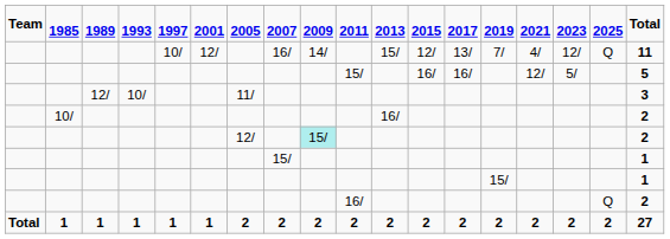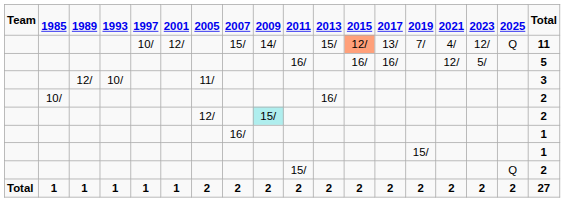 <table class="wikitable" style="text-align:center; font-size:90%">
 <tr bgcolor=>
 <td><strong>Team</strong></td>
 <td><strong><br><a href='#'>1985</a></strong></td>
 <td><strong><br><a href='#'>1989</a></strong></td>
 <td><strong><br><a href='#'>1993</a></strong></td>
 <td><strong><br><a href='#'>1997</a></strong></td>
 <td><strong><br><a href='#'>2001</a></strong></td>
 <td><strong><br><a href='#'>2005</a></strong></td>
 <td><strong><br><a href='#'>2007</a></strong></td>
 <td><strong><br><a href='#'>2009</a></strong></td>
 <td><strong><br><a href='#'>2011</a></strong></td>
 <td><strong><br><a href='#'>2013</a></strong></td>
 <td><strong><br><a href='#'>2015</a></strong></td>
 <td><strong><br><a href='#'>2017</a></strong></td>
 <td><strong><br><a href='#'>2019</a></strong></td>
 <td><strong><br><a href='#'>2021</a></strong></td>
 <td><strong><br><a href='#'>2023</a></strong></td>
 <td><strong><br><a href='#'>2025</a></strong></td>
 <td><strong>Total</strong></td>
 </tr>
 <tr>
 <td align=left></td>
 <td></td>
 <td></td>
 <td></td>
 <td>10/</td>
 <td>12/</td>
 <td></td>
-<td>16/</td>
+<td>15/</td>
 <td>14/</td>
 <td></td>
 <td>15/</td>
-<td>12/</td>
+<td style="background: lightsalmon;">12/</td>
 <td>13/</td>
 <td>7/</td>
 <td>4/</td>
 <td>12/</td>
 <td>Q</td>
 <td><strong>11</strong></td>
 </tr>
 <tr>
 <td align=left></td>
 <td></td>
 <td></td>
 <td></td>
 <td></td>
 <td></td>
 <td></td>
 <td></td>
 <td></td>
-<td>15/</td>
+<td>16/</td>
 <td></td>
 <td>16/</td>
 <td>16/</td>
 <td></td>
 <td>12/</td>
 <td>5/</td>
 <td></td>
 <td><strong>5</strong></td>
 </tr>
 <tr>
 <td align=left></td>
 <td></td>
 <td>12/</td>
 <td>10/</td>
 <td></td>
 <td></td>
 <td>11/</td>
 <td></td>
 <td></td>
 <td></td>
 <td></td>
 <td></td>
 <td></td>
 <td></td>
 <td></td>
 <td></td>
 <td></td>
 <td><strong>3</strong></td>
 </tr>
 <tr>
 <td align=left></td>
 <td>10/</td>
 <td></td>
 <td></td>
 <td></td>
 <td></td>
 <td></td>
 <td></td>
 <td></td>
 <td></td>
 <td>16/</td>
 <td></td>
 <td></td>
 <td></td>
 <td></td>
 <td></td>
 <td></td>
 <td><strong>2</strong></td>
 </tr>
 <tr>
 <td align=left></td>
 <td></td>
 <td></td>
 <td></td>
 <td></td>
 <td></td>
 <td>12/</td>
 <td></td>
 <td style="background: paleturquoise;">15/</td>
 <td></td>
 <td></td>
 <td></td>
 <td></td>
 <td></td>
 <td></td>
 <td></td>
 <td></td>
 <td><strong>2</strong></td>
 </tr>
 <tr>
 <td align=left></td>
 <td></td>
 <td></td>
 <td></td>
 <td></td>
 <td></td>
 <td></td>
-<td>15/</td>
+<td>16/</td>
 <td></td>
 <td></td>
 <td></td>
 <td></td>
 <td></td>
 <td></td>
 <td></td>
 <td></td>
 <td></td>
 <td><strong>1</strong></td>
 </tr>
 <tr>
 <td align=left></td>
 <td></td>
 <td></td>
 <td></td>
 <td></td>
 <td></td>
 <td></td>
 <td></td>
 <td></td>
 <td></td>
 <td></td>
 <td></td>
 <td></td>
 <td>15/</td>
 <td></td>
 <td></td>
 <td></td>
 <td><strong>1</strong></td>
 </tr>
 <tr>
 <td align=left></td>
 <td></td>
 <td></td>
 <td></td>
 <td></td>
 <td></td>
 <td></td>
 <td></td>
 <td></td>
-<td>16/</td>
+<td>15/</td>
 <td></td>
 <td></td>
 <td></td>
 <td></td>
 <td></td>
 <td></td>
 <td>Q</td>
 <td><strong>2</strong></td>
 </tr>
 <tr>
 <td align=left><strong>Total</strong></td>
 <td><strong>1</strong></td>
 <td><strong>1</strong></td>
 <td><strong>1</strong></td>
 <td><strong>1</strong></td>
 <td><strong>1</strong></td>
 <td><strong>2</strong></td>
 <td><strong>2</strong></td>
 <td><strong>2</strong></td>
 <td><strong>2</strong></td>
 <td><strong>2</strong></td>
 <td><strong>2</strong></td>
 <td><strong>2</strong></td>
 <td><strong>2</strong></td>
 <td><strong>2</strong></td>
 <td><strong>2</strong></td>
 <td><strong>2</strong></td>
 <td><strong>27</strong></td>
 </tr>
 </table>
